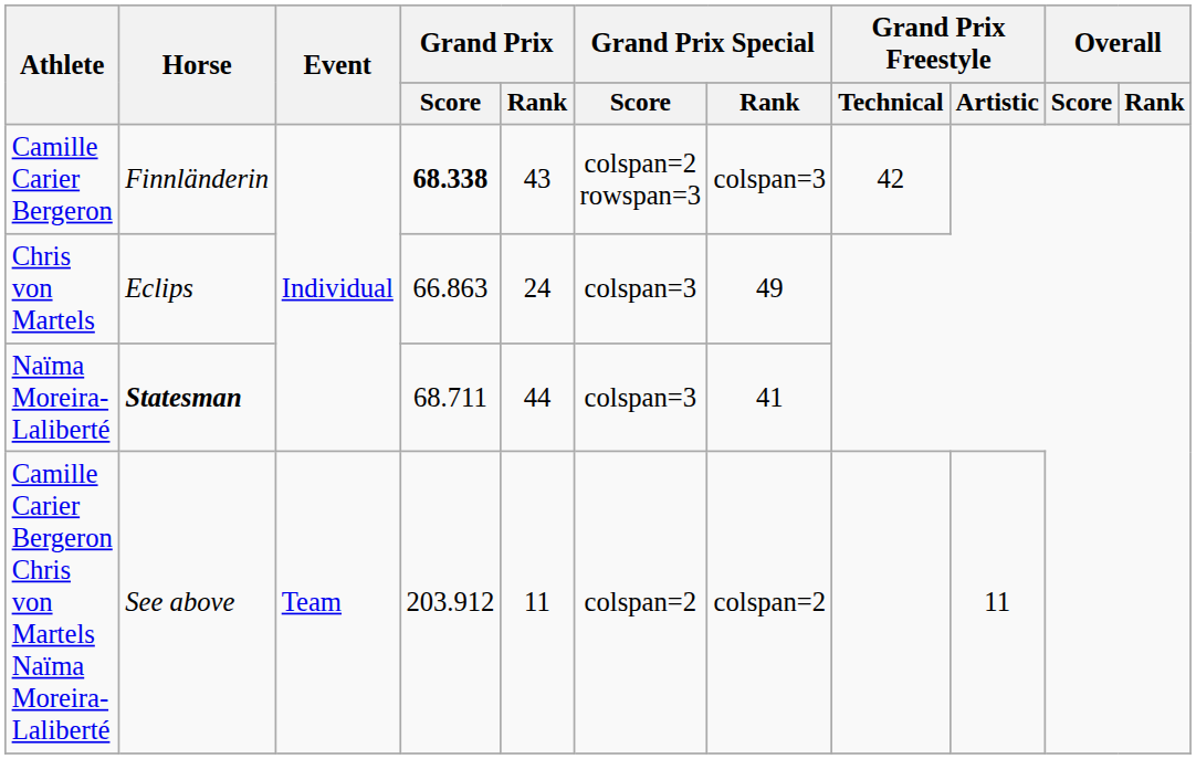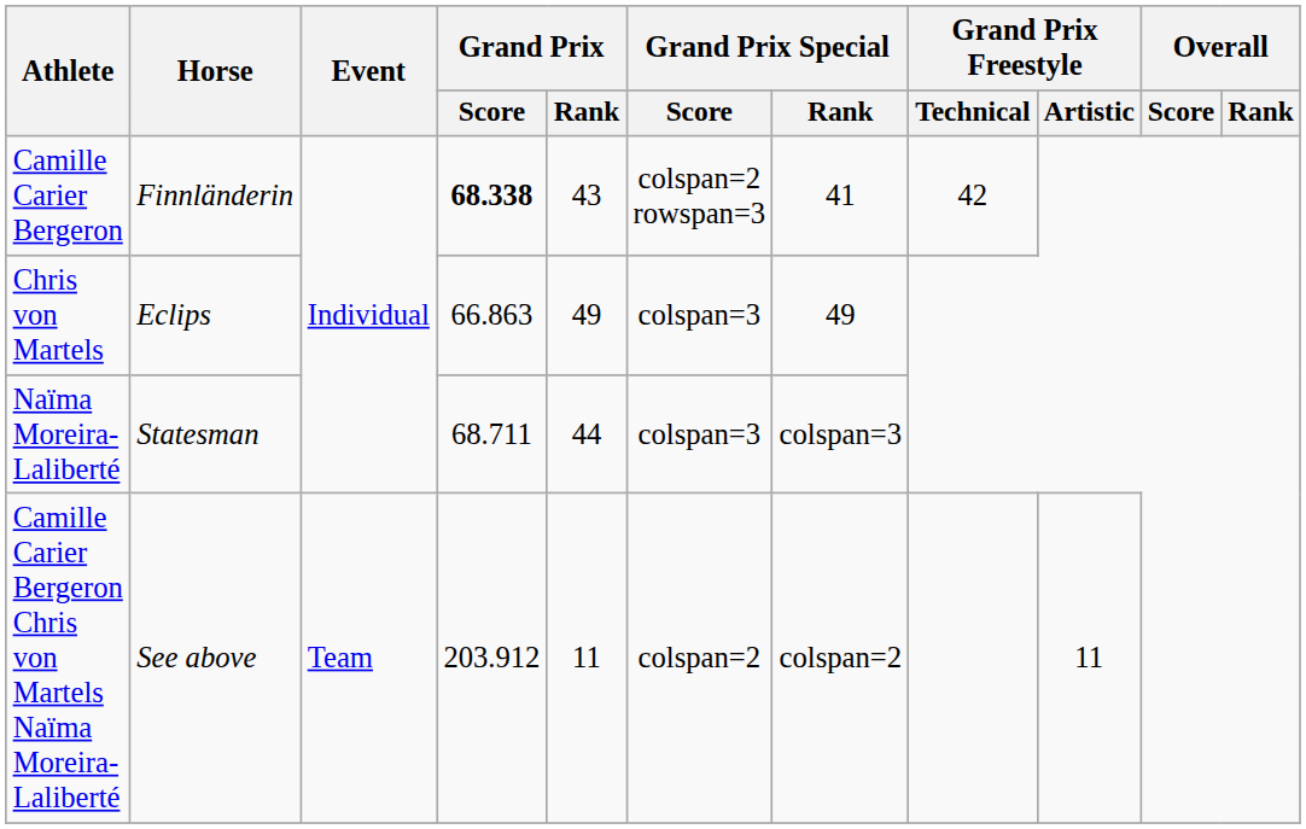 <table class=wikitable style=font-size:90%;text-align:center>
 <tr>
 <th rowspan=2>Athlete</th>
 <th rowspan=2>Horse</th>
 <th rowspan=2>Event</th>
 <th colspan=2>Grand Prix</th>
 <th colspan=2>Grand Prix Special</th>
 <th colspan=2>Grand Prix Freestyle</th>
 <th colspan=2>Overall</th>
 </tr>
 <tr style=font-size:95%>
 <th>Score</th>
 <th>Rank</th>
 <th>Score</th>
 <th>Rank</th>
 <th>Technical</th>
 <th>Artistic</th>
 <th>Score</th>
 <th>Rank</th>
 </tr>
 <tr>
 <td align=left><a href='#'>Camille Carier Bergeron</a></td>
 <td align=left><em>Finnländerin</em></td>
 <td align=left rowspan=3><a href='#'>Individual</a></td>
 <td><strong>68.338</strong></td>
 <td>43</td>
 <td>colspan=2 rowspan=3 </td>
-<td>colspan=3 </td>
+<td>41</td>
 <td>42</td>
 </tr>
 <tr>
 <td align=left><a href='#'>Chris von Martels</a></td>
 <td align=left><em>Eclips</em></td>
 <td>66.863</td>
-<td>24</td>
+<td>49</td>
 <td>colspan=3 </td>
 <td>49</td>
 </tr>
 <tr>
 <td align=left><a href='#'>Naïma Moreira-Laliberté</a></td>
-<td align=left><strong><em>Statesman</em></strong></td>
+<td align=left><em>Statesman</em></td>
 <td>68.711</td>
 <td>44</td>
 <td>colspan=3 </td>
-<td>41</td>
+<td>colspan=3 </td>
 </tr>
 <tr>
 <td align=left><a href='#'>Camille Carier Bergeron</a><br><a href='#'>Chris von Martels</a><br><a href='#'>Naïma Moreira-Laliberté</a></td>
 <td align=left><em>See above</em></td>
 <td align=left><a href='#'>Team</a></td>
 <td>203.912</td>
 <td>11</td>
 <td>colspan=2 </td>
 <td>colspan=2 </td>
 <td></td>
 <td>11</td>
 </tr>
 </table>
